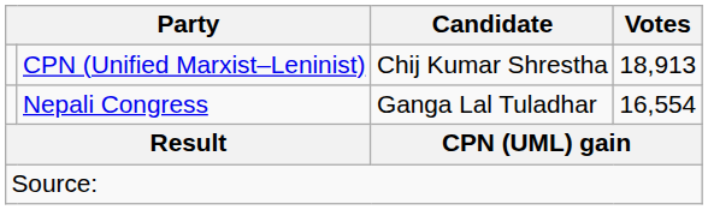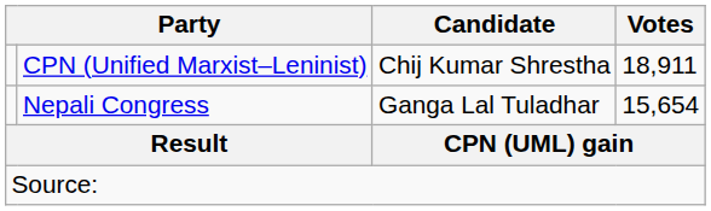 <table class="wikitable">
 <tr>
 <th colspan="2">Party</th>
 <th>Candidate</th>
 <th>Votes</th>
 </tr>
 <tr>
 <td style="background-color:"></td>
 <td><a href='#'>CPN (Unified Marxist–Leninist)</a></td>
 <td>Chij Kumar Shrestha</td>
-<td>18,913</td>
+<td>18,911</td>
 </tr>
 <tr>
 <td style="background-color:"></td>
 <td><a href='#'>Nepali Congress</a></td>
 <td>Ganga Lal Tuladhar</td>
-<td>16,554</td>
+<td>15,654</td>
 </tr>
 <tr>
 <th colspan="2">Result</th>
 <th colspan="2">CPN (UML) gain</th>
 </tr>
 <tr>
 <td colspan="4">Source: </td>
 </tr>
 </table>
